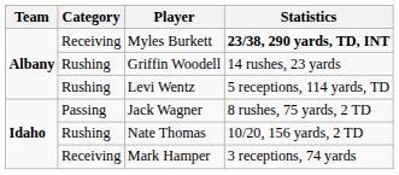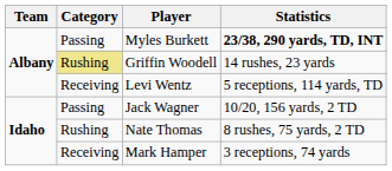 <table class="wikitable" style="float: right;">
 <tr>
 <th>Team</th>
 <th>Category</th>
 <th>Player</th>
 <th>Statistics</th>
 </tr>
 <tr>
 <td rowspan=3><strong>Albany</strong></td>
-<td>Receiving</td>
+<td>Passing</td>
 <td>Myles Burkett</td>
 <td><strong>23/38, 290 yards, TD, INT</strong></td>
 </tr>
 <tr>
-<td>Rushing</td>
+<td style="background: khaki;">Rushing</td>
 <td>Griffin Woodell</td>
 <td>14 rushes, 23 yards</td>
 </tr>
 <tr>
-<td>Rushing</td>
+<td>Receiving</td>
 <td>Levi Wentz</td>
 <td>5 receptions, 114 yards, TD</td>
 </tr>
 <tr>
 <td rowspan=3><strong>Idaho</strong></td>
 <td>Passing</td>
 <td>Jack Wagner</td>
-<td>8 rushes, 75 yards, 2 TD</td>
+<td>10/20, 156 yards, 2 TD</td>
 </tr>
 <tr>
 <td>Rushing</td>
 <td>Nate Thomas</td>
-<td>10/20, 156 yards, 2 TD</td>
+<td>8 rushes, 75 yards, 2 TD</td>
 </tr>
 <tr>
 <td>Receiving</td>
 <td>Mark Hamper</td>
 <td>3 receptions, 74 yards</td>
 </tr>
 </table>
